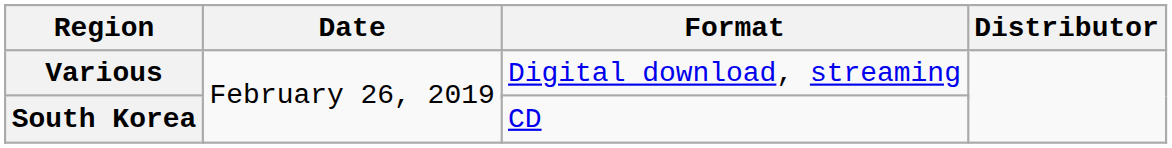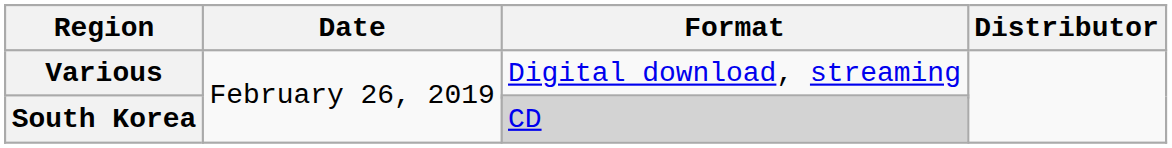 <table class="wikitable plainrowheaders">
 <tr>
 <th>Region</th>
 <th>Date</th>
 <th>Format</th>
 <th>Distributor</th>
 </tr>
 <tr>
 <th scope="row">Various</th>
 <td rowspan="3">February 26, 2019</td>
 <td rowspan="2"><a href='#'>Digital download</a>, <a href='#'>streaming</a></td>
 <td rowspan="3"></td>
 </tr>
 <tr>
 <th scope="row" rowspan="2">South Korea</th>
 </tr>
 <tr>
-<td><a href='#'>CD</a></td>
+<td style="background: lightgrey;"><a href='#'>CD</a></td>
 </tr>
 </table>
